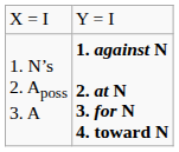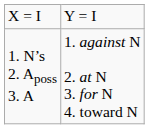 <table class="wikitable">
 <tr>
 <td>X = I</td>
 <td>Y = I</td>
 </tr>
 <tr>
 <td>1. N’s<br>2. A<sub>poss</sub><br>3. A</td>
-<td><strong>1. <em>against</em> N<br><br>2. <em>at</em> N<br> 3. <em>for</em> N<br> 4. toward N</strong></td>
+<td>1. <em>against</em> N<br><br>2. <em>at</em> N<br> 3. <em>for</em> N<br> 4. toward N</td>
 </tr>
 </table>
